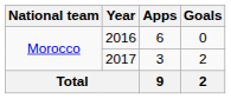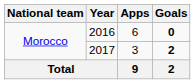 <table class=wikitable style="text-align: center">
 <tr>
 <th>National team</th>
 <th>Year</th>
 <th>Apps</th>
 <th>Goals</th>
 </tr>
 <tr>
 <td rowspan="2"><a href='#'>Morocco</a></td>
 <td>2016</td>
 <td>6</td>
-<td>0</td>
+<td><strong>0</strong></td>
 </tr>
 <tr>
 <td>2017</td>
 <td>3</td>
-<td>2</td>
+<td><strong>2</strong></td>
 </tr>
 <tr>
 <th colspan="2">Total</th>
 <th>9</th>
 <th>2</th>
 </tr>
 </table>
